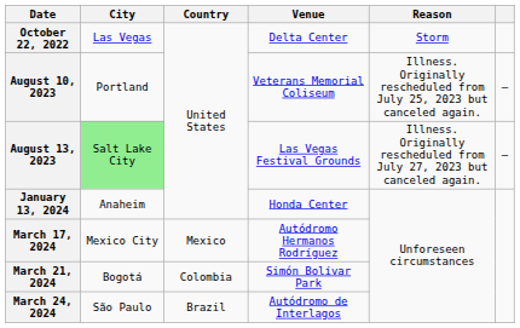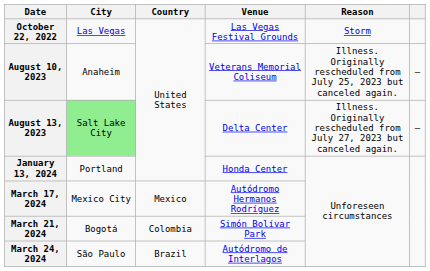 <table class="wikitable plainrowheaders" style="text-align:center;">
 <tr>
 <th scope="col" style="width:9em;">Date</th>
 <th scope="col" style="width:10em;">City</th>
 <th scope="col" style="width:10em;">Country</th>
 <th scope="col" style="width:16em;">Venue</th>
 <th scope="col" style="width:15em;">Reason</th>
 <th scope="col" style="width:2em;"></th>
 </tr>
 <tr>
 <th scope="row" style="text-align:center;"><strong>October 22, 2022</strong></th>
 <td><a href='#'>Las Vegas</a></td>
 <td rowspan="4">United States</td>
-<td><a href='#'>Delta Center</a></td>
+<td><a href='#'>Las Vegas Festival Grounds</a></td>
 <td><a href='#'>Storm</a></td>
 <td style="text-align:center;"></td>
 </tr>
 <tr>
 <th scope="row" style="text-align:center;"><strong>August 10, 2023</strong></th>
-<td Portland, Oregon>Portland</td>
+<td>Anaheim</td>
 <td><a href='#'>Veterans Memorial Coliseum</a></td>
 <td>Illness. Originally rescheduled from July 25, 2023 but canceled again.</td>
 <td>—</td>
 </tr>
 <tr>
 <th scope="row" style="text-align:center;"><strong>August 13, 2023</strong></th>
 <td style="background: lightgreen;">Salt Lake City</td>
-<td><a href='#'>Las Vegas Festival Grounds</a></td>
+<td><a href='#'>Delta Center</a></td>
 <td>Illness. Originally rescheduled from July 27, 2023 but canceled again.</td>
 <td>—</td>
 </tr>
 <tr>
 <th>January 13, 2024</th>
-<td>Anaheim</td>
+<td Portland, Oregon>Portland</td>
 <td><a href='#'>Honda Center</a></td>
 <td rowspan="4">Unforeseen circumstances</td>
 <td rowspan="4"></td>
 </tr>
 <tr>
 <th>March 17, 2024</th>
 <td>Mexico City</td>
 <td>Mexico</td>
 <td><a href='#'>Autódromo Hermanos Rodríguez</a></td>
 </tr>
 <tr>
 <th>March 21, 2024</th>
 <td>Bogotá</td>
 <td>Colombia</td>
 <td><a href='#'>Simón Bolívar Park</a></td>
 </tr>
 <tr>
 <th>March 24, 2024</th>
 <td>São Paulo</td>
 <td>Brazil</td>
 <td><a href='#'>Autódromo de Interlagos</a></td>
 </tr>
 </table>
